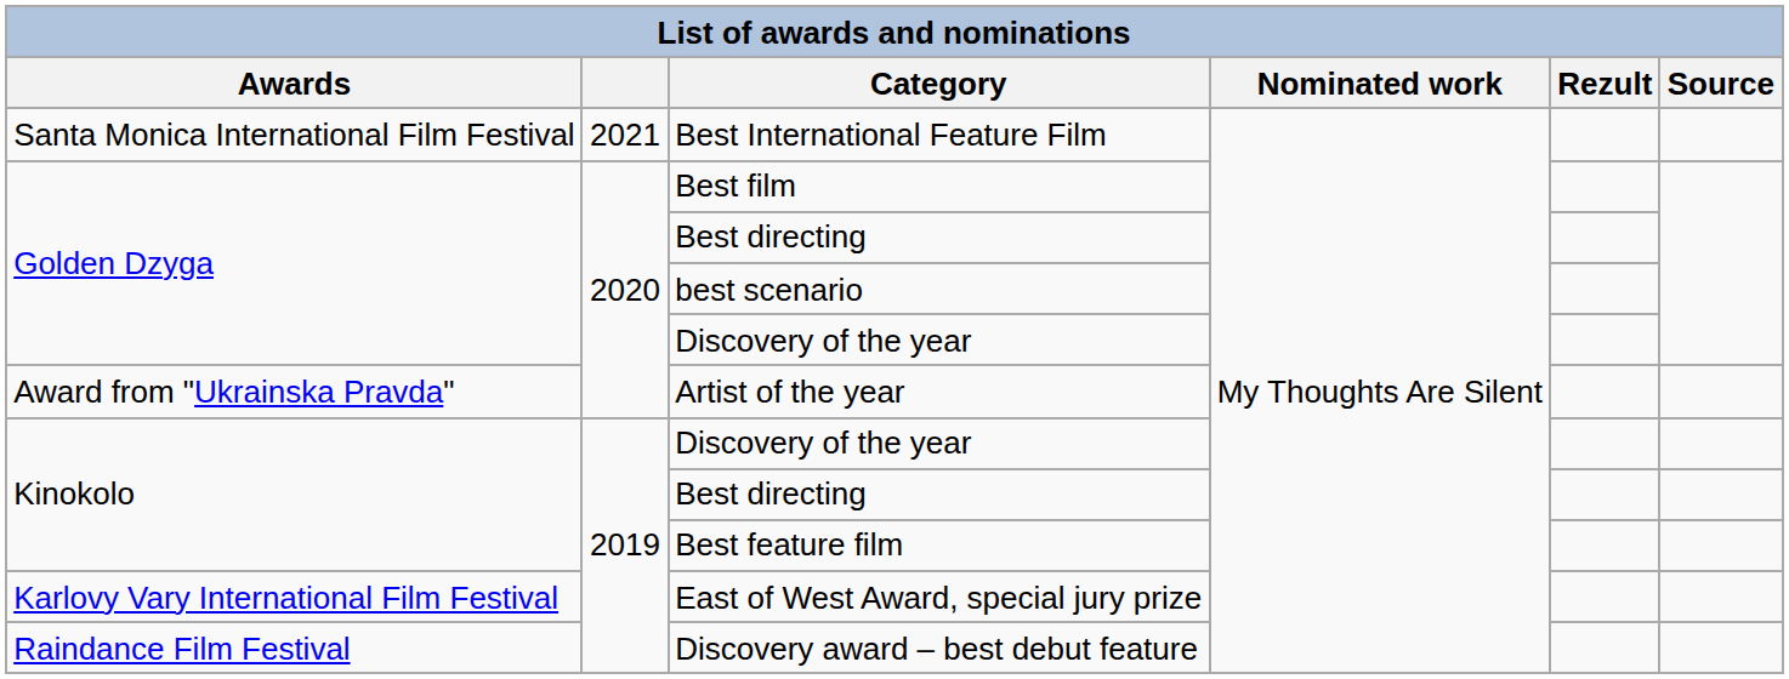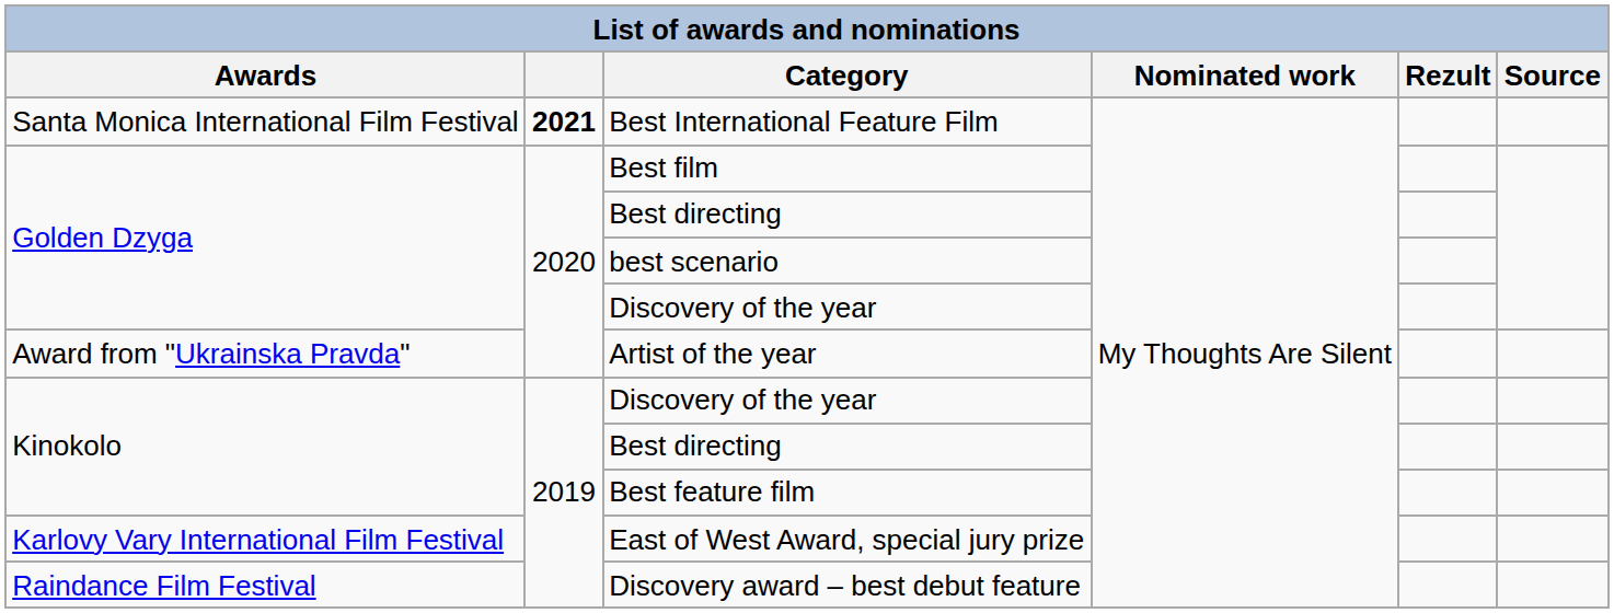 <table class="wikitable sortable" style="font-size:small;">
 <tr style="background:#ccc; text-align:center;">
 <th colspan="6" style="background: LightSteelBlue;">List of awards and nominations</th>
 </tr>
 <tr style="background:#ccc; text-align:center;">
 <th>Awards</th>
 <th></th>
 <th>Category</th>
 <th>Nominated work</th>
 <th>Rezult</th>
 <th class="unsortable">Source</th>
 </tr>
 <tr>
 <td>Santa Monica International Film Festival</td>
-<td rowspan="1">2021</td>
+<td rowspan="1"><strong>2021</strong></td>
 <td>Best International Feature Film</td>
 <td rowspan="11">My Thoughts Are Silent</td>
 <td></td>
 <td></td>
 </tr>
 <tr>
 <td rowspan="4"><a href='#'>Golden Dzyga</a></td>
 <td rowspan="5">2020</td>
 <td>Best film</td>
 <td></td>
 <td rowspan="4"></td>
 </tr>
 <tr>
 <td>Best directing</td>
 <td></td>
 </tr>
 <tr>
 <td>best scenario</td>
 <td></td>
 </tr>
 <tr>
 <td>Discovery of the year</td>
 <td></td>
 </tr>
 <tr>
 <td rowspan="1">Award from "<a href='#'>Ukrainska Pravda</a>"</td>
 <td>Artist of the year</td>
 <td></td>
 <td></td>
 </tr>
 <tr>
 <td rowspan="3">Kinokolo</td>
 <td rowspan="5">2019</td>
 <td>Discovery of the year</td>
 <td></td>
 <td></td>
 </tr>
 <tr>
 <td>Best directing</td>
 <td></td>
 <td></td>
 </tr>
 <tr>
 <td>Best feature film</td>
 <td></td>
 <td></td>
 </tr>
 <tr>
 <td><a href='#'>Karlovy Vary International Film Festival</a></td>
 <td>East of West Award, special jury prize</td>
 <td></td>
 <td></td>
 </tr>
 <tr>
 <td><a href='#'>Raindance Film Festival</a></td>
 <td>Discovery award – best debut feature</td>
 <td></td>
 <td></td>
 </tr>
 </table>
